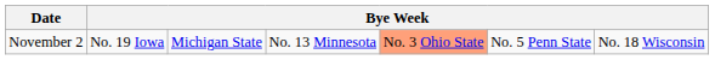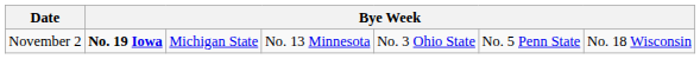 <table class="wikitable" style="font-size:95%;">
 <tr>
 <th>Date</th>
 <th colspan="6">Bye Week</th>
 </tr>
 <tr>
 <td>November 2</td>
-<td>No. 19 <a href='#'>Iowa</a></td>
+<td><strong>No. 19 <a href='#'>Iowa</a></strong></td>
 <td><a href='#'>Michigan State</a></td>
 <td>No. 13 <a href='#'>Minnesota</a></td>
-<td style="background: lightsalmon;">No. 3 <a href='#'>Ohio State</a></td>
+<td>No. 3 <a href='#'>Ohio State</a></td>
 <td>No. 5 <a href='#'>Penn State</a></td>
 <td>No. 18 <a href='#'>Wisconsin</a></td>
 </tr>
 </table>
